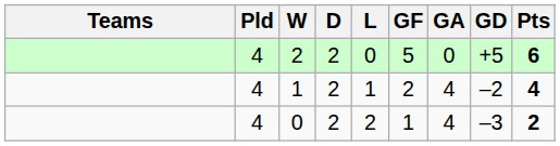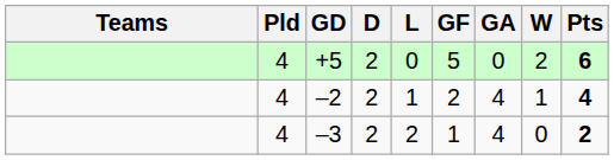 <table class="wikitable" style="text-align: center;">
 <tr>
 <th width=165>Teams</th>
 <th width=20>Pld</th>
-<th width=20>W</th>
+<th width=20>GD</th>
 <th width=20>D</th>
 <th width=20>L</th>
 <th width=20>GF</th>
 <th width=20>GA</th>
-<th width=20>GD</th>
+<th width=20>W</th>
 <th width=20>Pts</th>
 </tr>
 <tr align=center style="background:#ccffcc;">
 <td style="text-align:left;"></td>
 <td>4</td>
-<td>2</td>
+<td>+5</td>
 <td>2</td>
 <td>0</td>
 <td>5</td>
 <td>0</td>
-<td>+5</td>
+<td>2</td>
 <td><strong>6</strong></td>
 </tr>
 <tr align=center>
 <td style="text-align:left;"></td>
 <td>4</td>
-<td>1</td>
+<td>–2</td>
 <td>2</td>
 <td>1</td>
 <td>2</td>
 <td>4</td>
-<td>–2</td>
+<td>1</td>
 <td><strong>4</strong></td>
 </tr>
 <tr align=center>
 <td style="text-align:left;"></td>
 <td>4</td>
-<td>0</td>
+<td>–3</td>
 <td>2</td>
 <td>2</td>
 <td>1</td>
 <td>4</td>
-<td>–3</td>
+<td>0</td>
 <td><strong>2</strong></td>
 </tr>
 </table>
